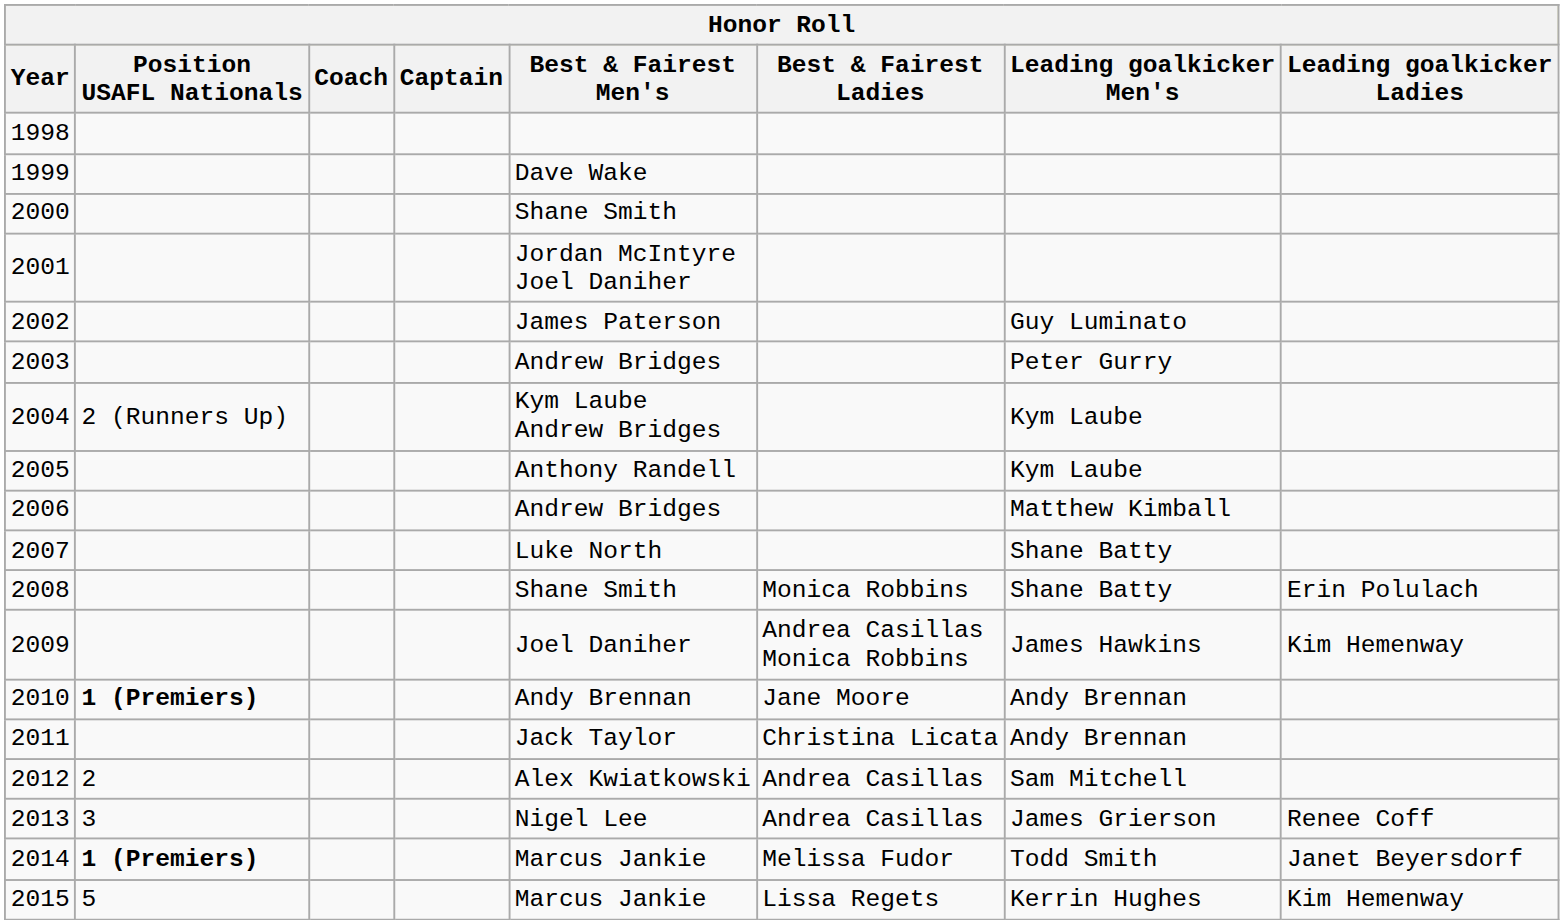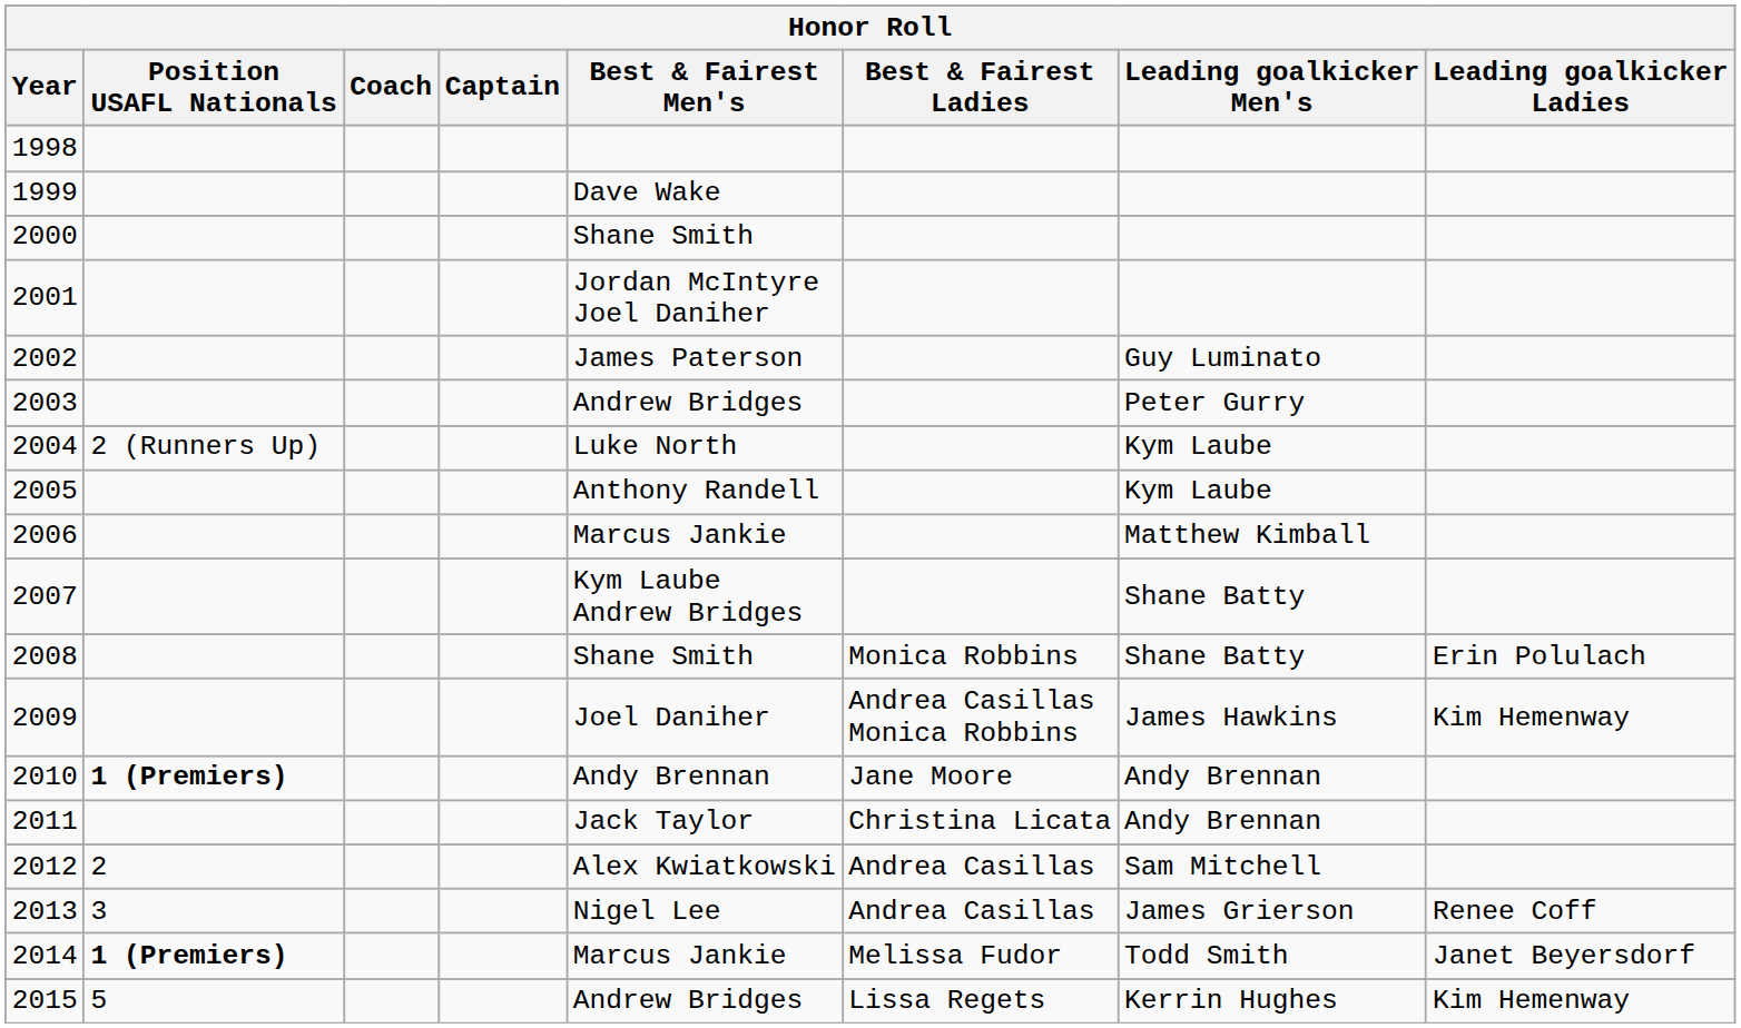 <table class="wikitable">
 <tr style="background:#bdb76b;">
 <th colspan="9">Honor Roll</th>
 </tr>
 <tr>
 <th background:#f0f0f0><strong>Year</strong></th>
 <th background:#f0f0f0><strong>Position<br>USAFL Nationals</strong></th>
 <th background:#f0f0f0><strong>Coach</strong></th>
 <th background:#f0f0f0><strong>Captain</strong></th>
 <th background:#f0f0f0><strong>Best & Fairest<br>Men's</strong></th>
 <th background:#f0f0f0><strong>Best & Fairest<br>Ladies</strong></th>
 <th background:#f0f0f0><strong>Leading goalkicker<br>Men's</strong></th>
 <th background:#f0f0f0><strong>Leading goalkicker<br>Ladies</strong></th>
 </tr>
 <tr>
 <td>1998</td>
 <td></td>
 <td></td>
 <td></td>
 <td></td>
 <td></td>
 <td></td>
 <td></td>
 </tr>
 <tr>
 <td>1999</td>
 <td></td>
 <td></td>
 <td></td>
 <td>Dave Wake</td>
 <td></td>
 <td></td>
 <td></td>
 </tr>
 <tr>
 <td>2000</td>
 <td></td>
 <td></td>
 <td></td>
 <td>Shane Smith</td>
 <td></td>
 <td></td>
 <td></td>
 </tr>
 <tr>
 <td>2001</td>
 <td></td>
 <td></td>
 <td></td>
 <td>Jordan McIntyre<br>Joel Daniher</td>
 <td></td>
 <td></td>
 <td></td>
 </tr>
 <tr>
 <td>2002</td>
 <td></td>
 <td></td>
 <td></td>
 <td>James Paterson</td>
 <td></td>
 <td>Guy Luminato</td>
 <td></td>
 </tr>
 <tr>
 <td>2003</td>
 <td></td>
 <td></td>
 <td></td>
 <td>Andrew Bridges</td>
 <td></td>
 <td>Peter Gurry</td>
 <td></td>
 </tr>
 <tr>
 <td>2004</td>
 <td>2 (Runners Up)</td>
 <td></td>
 <td></td>
-<td>Kym Laube<br>Andrew Bridges</td>
+<td>Luke North</td>
 <td></td>
 <td>Kym Laube</td>
 <td></td>
 </tr>
 <tr>
 <td>2005</td>
 <td></td>
 <td></td>
 <td></td>
 <td>Anthony Randell</td>
 <td></td>
 <td>Kym Laube</td>
 <td></td>
 </tr>
 <tr>
 <td>2006</td>
 <td></td>
 <td></td>
 <td></td>
-<td>Andrew Bridges</td>
+<td>Marcus Jankie</td>
 <td></td>
 <td>Matthew Kimball</td>
 <td></td>
 </tr>
 <tr>
 <td>2007</td>
 <td></td>
 <td></td>
 <td></td>
-<td>Luke North</td>
+<td>Kym Laube<br>Andrew Bridges</td>
 <td></td>
 <td>Shane Batty</td>
 <td></td>
 </tr>
 <tr>
 <td>2008</td>
 <td></td>
 <td></td>
 <td></td>
 <td>Shane Smith</td>
 <td>Monica Robbins</td>
 <td>Shane Batty</td>
 <td>Erin Polulach</td>
 </tr>
 <tr>
 <td>2009</td>
 <td></td>
 <td></td>
 <td></td>
 <td>Joel Daniher</td>
 <td>Andrea Casillas<br>Monica Robbins</td>
 <td>James Hawkins</td>
 <td>Kim Hemenway</td>
 </tr>
 <tr>
 <td>2010</td>
 <td><strong>1 (Premiers)</strong></td>
 <td></td>
 <td></td>
 <td>Andy Brennan</td>
 <td>Jane Moore</td>
 <td>Andy Brennan</td>
 <td></td>
 </tr>
 <tr>
 <td>2011</td>
 <td></td>
 <td></td>
 <td></td>
 <td>Jack Taylor</td>
 <td>Christina Licata</td>
 <td>Andy Brennan</td>
 <td></td>
 </tr>
 <tr>
 <td>2012</td>
 <td>2</td>
 <td></td>
 <td></td>
 <td>Alex Kwiatkowski</td>
 <td>Andrea Casillas</td>
 <td>Sam Mitchell</td>
 <td></td>
 </tr>
 <tr>
 <td>2013</td>
 <td>3</td>
 <td></td>
 <td></td>
 <td>Nigel Lee</td>
 <td>Andrea Casillas</td>
 <td>James Grierson</td>
 <td>Renee Coff</td>
 </tr>
 <tr>
 <td>2014</td>
 <td><strong>1 (Premiers)</strong></td>
 <td></td>
 <td></td>
 <td>Marcus Jankie</td>
 <td>Melissa Fudor</td>
 <td>Todd Smith</td>
 <td>Janet Beyersdorf</td>
 </tr>
 <tr>
 <td>2015</td>
 <td>5</td>
 <td></td>
 <td></td>
-<td>Marcus Jankie</td>
+<td>Andrew Bridges</td>
 <td>Lissa Regets</td>
 <td>Kerrin Hughes</td>
 <td>Kim Hemenway</td>
 </tr>
 </table>
